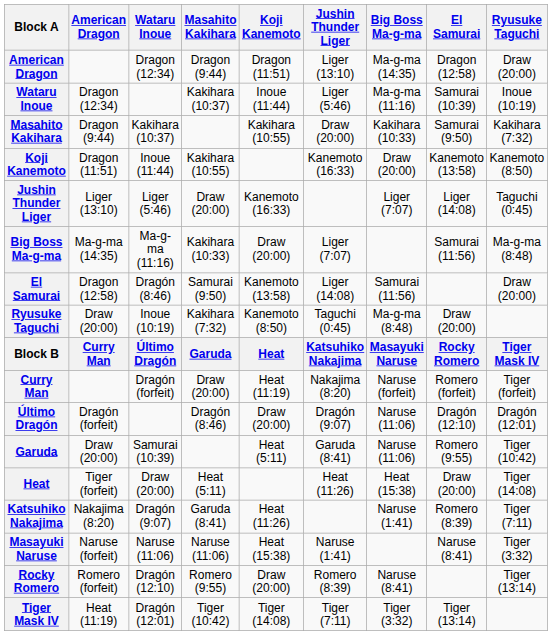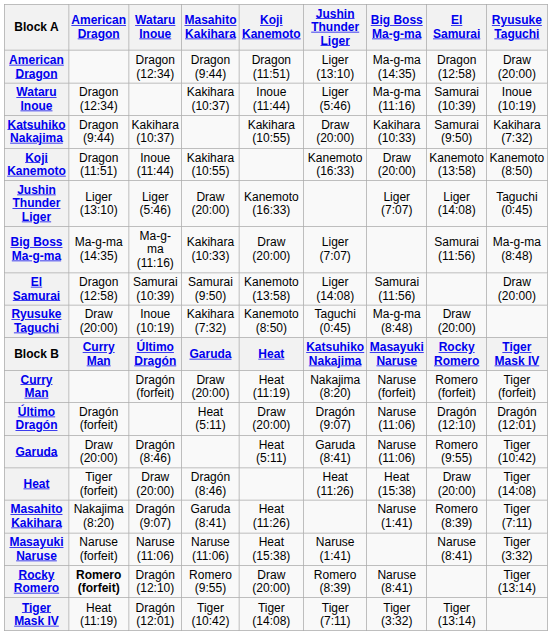 <table class="wikitable" style="margin: 1em auto 1em auto">
 <tr align="center">
 <th>Block A</th>
 <th><a href='#'>American Dragon</a></th>
 <th><a href='#'>Wataru Inoue</a></th>
 <th><a href='#'>Masahito Kakihara</a></th>
 <th><a href='#'>Koji Kanemoto</a></th>
 <th><a href='#'>Jushin Thunder Liger</a></th>
 <th><a href='#'>Big Boss Ma-g-ma</a></th>
 <th><a href='#'>El Samurai</a></th>
 <th><a href='#'>Ryusuke Taguchi</a></th>
 </tr>
 <tr align="center">
 <th><a href='#'>American Dragon</a></th>
 <td></td>
 <td>Dragon<br>(12:34)</td>
 <td>Dragon<br>(9:44)</td>
 <td>Dragon<br>(11:51)</td>
 <td>Liger<br>(13:10)</td>
 <td>Ma-g-ma<br>(14:35)</td>
 <td>Dragon<br>(12:58)</td>
 <td>Draw<br>(20:00)</td>
 </tr>
 <tr align="center">
 <th><a href='#'>Wataru Inoue</a></th>
 <td>Dragon<br>(12:34)</td>
 <td></td>
 <td>Kakihara<br>(10:37)</td>
 <td>Inoue<br>(11:44)</td>
 <td>Liger<br>(5:46)</td>
 <td>Ma-g-ma<br>(11:16)</td>
 <td>Samurai<br>(10:39)</td>
 <td>Inoue<br>(10:19)</td>
 </tr>
 <tr align="center">
-<th><a href='#'>Masahito Kakihara</a></th>
+<th><a href='#'>Katsuhiko Nakajima</a></th>
 <td>Dragon<br>(9:44)</td>
 <td>Kakihara<br>(10:37)</td>
 <td></td>
 <td>Kakihara<br>(10:55)</td>
 <td>Draw<br>(20:00)</td>
 <td>Kakihara<br>(10:33)</td>
 <td>Samurai<br>(9:50)</td>
 <td>Kakihara<br>(7:32)</td>
 </tr>
 <tr align="center">
 <th><a href='#'>Koji Kanemoto</a></th>
 <td>Dragon<br>(11:51)</td>
 <td>Inoue<br>(11:44)</td>
 <td>Kakihara<br>(10:55)</td>
 <td></td>
 <td>Kanemoto<br>(16:33)</td>
 <td>Draw<br>(20:00)</td>
 <td>Kanemoto<br>(13:58)</td>
 <td>Kanemoto<br>(8:50)</td>
 </tr>
 <tr align="center">
 <th><a href='#'>Jushin Thunder Liger</a></th>
 <td>Liger<br>(13:10)</td>
 <td>Liger<br>(5:46)</td>
 <td>Draw<br>(20:00)</td>
 <td>Kanemoto<br>(16:33)</td>
 <td></td>
 <td>Liger<br>(7:07)</td>
 <td>Liger<br>(14:08)</td>
 <td>Taguchi<br>(0:45)</td>
 </tr>
 <tr align="center">
 <th><a href='#'>Big Boss Ma-g-ma</a></th>
 <td>Ma-g-ma<br>(14:35)</td>
 <td>Ma-g-ma<br>(11:16)</td>
 <td>Kakihara<br>(10:33)</td>
 <td>Draw<br>(20:00)</td>
 <td>Liger<br>(7:07)</td>
 <td></td>
 <td>Samurai<br>(11:56)</td>
 <td>Ma-g-ma<br>(8:48)</td>
 </tr>
 <tr align="center">
 <th><a href='#'>El Samurai</a></th>
 <td>Dragon<br>(12:58)</td>
-<td>Dragón<br>(8:46)</td>
+<td>Samurai<br>(10:39)</td>
 <td>Samurai<br>(9:50)</td>
 <td>Kanemoto<br>(13:58)</td>
 <td>Liger<br>(14:08)</td>
 <td>Samurai<br>(11:56)</td>
 <td></td>
 <td>Draw<br>(20:00)</td>
 </tr>
 <tr align="center">
 <th><a href='#'>Ryusuke Taguchi</a></th>
 <td>Draw<br>(20:00)</td>
 <td>Inoue<br>(10:19)</td>
 <td>Kakihara<br>(7:32)</td>
 <td>Kanemoto<br>(8:50)</td>
 <td>Taguchi<br>(0:45)</td>
 <td>Ma-g-ma<br>(8:48)</td>
 <td>Draw<br>(20:00)</td>
 <td></td>
 </tr>
 <tr align="center">
 <th>Block B</th>
 <th><a href='#'>Curry Man</a></th>
 <th><a href='#'>Último Dragón</a></th>
 <th><a href='#'>Garuda</a></th>
 <th><a href='#'>Heat</a></th>
 <th><a href='#'>Katsuhiko Nakajima</a></th>
 <th><a href='#'>Masayuki Naruse</a></th>
 <th><a href='#'>Rocky Romero</a></th>
 <th><a href='#'>Tiger Mask IV</a></th>
 </tr>
 <tr align="center">
 <th><a href='#'>Curry Man</a></th>
 <td></td>
 <td>Dragón<br>(forfeit)</td>
 <td>Draw<br>(20:00)</td>
 <td>Heat<br>(11:19)</td>
 <td>Nakajima<br>(8:20)</td>
 <td>Naruse<br>(forfeit)</td>
 <td>Romero<br>(forfeit)</td>
 <td>Tiger<br>(forfeit)</td>
 </tr>
 <tr align="center">
 <th><a href='#'>Último Dragón</a></th>
 <td>Dragón<br>(forfeit)</td>
 <td></td>
-<td>Dragón<br>(8:46)</td>
+<td>Heat<br>(5:11)</td>
 <td>Draw<br>(20:00)</td>
 <td>Dragón<br>(9:07)</td>
 <td>Naruse<br>(11:06)</td>
 <td>Dragón<br>(12:10)</td>
 <td>Dragón<br>(12:01)</td>
 </tr>
 <tr align="center">
 <th><a href='#'>Garuda</a></th>
 <td>Draw<br>(20:00)</td>
-<td>Samurai<br>(10:39)</td>
+<td>Dragón<br>(8:46)</td>
 <td></td>
 <td>Heat<br>(5:11)</td>
 <td>Garuda<br>(8:41)</td>
 <td>Naruse<br>(11:06)</td>
 <td>Romero<br>(9:55)</td>
 <td>Tiger<br>(10:42)</td>
 </tr>
 <tr align="center">
 <th><a href='#'>Heat</a></th>
 <td>Tiger<br>(forfeit)</td>
 <td>Draw<br>(20:00)</td>
-<td>Heat<br>(5:11)</td>
+<td>Dragón<br>(8:46)</td>
 <td></td>
 <td>Heat<br>(11:26)</td>
 <td>Heat<br>(15:38)</td>
 <td>Draw<br>(20:00)</td>
 <td>Tiger<br>(14:08)</td>
 </tr>
 <tr align="center">
-<th><a href='#'>Katsuhiko Nakajima</a></th>
+<th><a href='#'>Masahito Kakihara</a></th>
 <td>Nakajima<br>(8:20)</td>
 <td>Dragón<br>(9:07)</td>
 <td>Garuda<br>(8:41)</td>
 <td>Heat<br>(11:26)</td>
 <td></td>
 <td>Naruse<br>(1:41)</td>
 <td>Romero<br>(8:39)</td>
 <td>Tiger<br>(7:11)</td>
 </tr>
 <tr align="center">
 <th><a href='#'>Masayuki Naruse</a></th>
 <td>Naruse<br>(forfeit)</td>
 <td>Naruse<br>(11:06)</td>
 <td>Naruse<br>(11:06)</td>
 <td>Heat<br>(15:38)</td>
 <td>Naruse<br>(1:41)</td>
 <td></td>
 <td>Naruse<br>(8:41)</td>
 <td>Tiger<br>(3:32)</td>
 </tr>
 <tr align="center">
 <th><a href='#'>Rocky Romero</a></th>
-<td>Romero<br>(forfeit)</td>
+<td><strong>Romero<br>(forfeit)</strong></td>
 <td>Dragón<br>(12:10)</td>
 <td>Romero<br>(9:55)</td>
 <td>Draw<br>(20:00)</td>
 <td>Romero<br>(8:39)</td>
 <td>Naruse<br>(8:41)</td>
 <td></td>
 <td>Tiger<br>(13:14)</td>
 </tr>
 <tr align="center">
 <th><a href='#'>Tiger Mask IV</a></th>
 <td>Heat<br>(11:19)</td>
 <td>Dragón<br>(12:01)</td>
 <td>Tiger<br>(10:42)</td>
 <td>Tiger<br>(14:08)</td>
 <td>Tiger<br>(7:11)</td>
 <td>Tiger<br>(3:32)</td>
 <td>Tiger<br>(13:14)</td>
 <td></td>
 </tr>
 </table>
